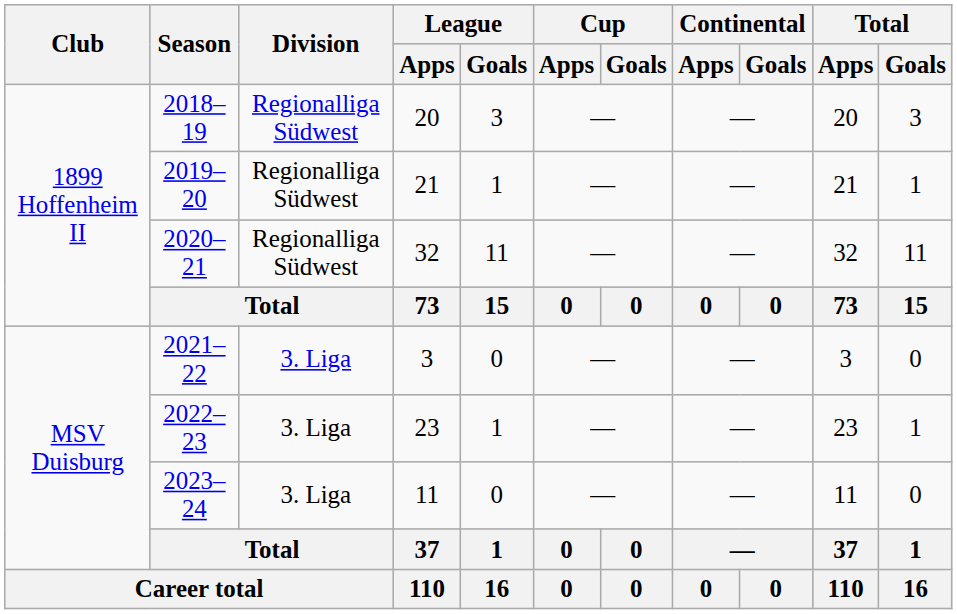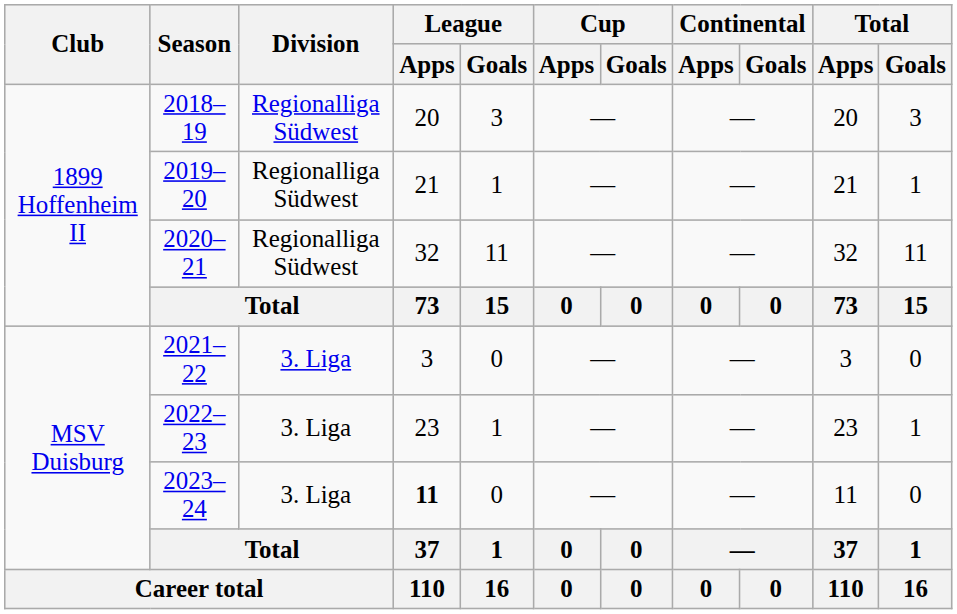 <table class="wikitable" style="text-align:center">
 <tr>
 <th rowspan="2">Club</th>
 <th rowspan="2">Season</th>
 <th rowspan="2">Division</th>
 <th colspan="2">League</th>
 <th colspan="2">Cup</th>
 <th colspan="2">Continental</th>
 <th colspan="2">Total</th>
 </tr>
 <tr>
 <th>Apps</th>
 <th>Goals</th>
 <th>Apps</th>
 <th>Goals</th>
 <th>Apps</th>
 <th>Goals</th>
 <th>Apps</th>
 <th>Goals</th>
 </tr>
 <tr>
 <td rowspan="4"><a href='#'>1899 Hoffenheim II</a></td>
 <td><a href='#'>2018–19</a></td>
 <td><a href='#'>Regionalliga Südwest</a></td>
 <td>20</td>
 <td>3</td>
 <td colspan="2">—</td>
 <td colspan="2">—</td>
 <td>20</td>
 <td>3</td>
 </tr>
 <tr>
 <td><a href='#'>2019–20</a></td>
 <td>Regionalliga Südwest</td>
 <td>21</td>
 <td>1</td>
 <td colspan="2">—</td>
 <td colspan="2">—</td>
 <td>21</td>
 <td>1</td>
 </tr>
 <tr>
 <td><a href='#'>2020–21</a></td>
 <td>Regionalliga Südwest</td>
 <td>32</td>
 <td>11</td>
 <td colspan="2">—</td>
 <td colspan="2">—</td>
 <td>32</td>
 <td>11</td>
 </tr>
 <tr>
 <th colspan="2">Total</th>
 <th>73</th>
 <th>15</th>
 <th>0</th>
 <th>0</th>
 <th>0</th>
 <th>0</th>
 <th>73</th>
 <th>15</th>
 </tr>
 <tr>
 <td rowspan="4"><a href='#'>MSV Duisburg</a></td>
 <td><a href='#'>2021–22</a></td>
 <td><a href='#'>3. Liga</a></td>
 <td>3</td>
 <td>0</td>
 <td colspan="2">—</td>
 <td colspan="2">—</td>
 <td>3</td>
 <td>0</td>
 </tr>
 <tr>
 <td><a href='#'>2022–23</a></td>
 <td>3. Liga</td>
 <td>23</td>
 <td>1</td>
 <td colspan="2">—</td>
 <td colspan="2">—</td>
 <td>23</td>
 <td>1</td>
 </tr>
 <tr>
 <td><a href='#'>2023–24</a></td>
 <td>3. Liga</td>
-<td>11</td>
+<td><strong>11</strong></td>
 <td>0</td>
 <td colspan="2">—</td>
 <td colspan="2">—</td>
 <td>11</td>
 <td>0</td>
 </tr>
 <tr>
 <th colspan="2">Total</th>
 <th>37</th>
 <th>1</th>
 <th>0</th>
 <th>0</th>
 <th colspan="2">—</th>
 <th>37</th>
 <th>1</th>
 </tr>
 <tr>
 <th colspan="3">Career total</th>
 <th>110</th>
 <th>16</th>
 <th>0</th>
 <th>0</th>
 <th>0</th>
 <th>0</th>
 <th>110</th>
 <th>16</th>
 </tr>
 </table>
